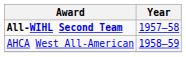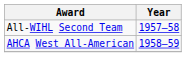 <table class="wikitable">
 <tr>
 <th>Award</th>
 <th>Year</th>
 </tr>
 <tr>
-<td><strong>All-<a href='#'>WIHL</a> <a href='#'>Second Team</a></strong></td>
+<td>All-<a href='#'>WIHL</a> <a href='#'>Second Team</a></td>
 <td><a href='#'>1957–58</a></td>
 </tr>
 <tr>
 <td><a href='#'>AHCA</a> <a href='#'>West All-American</a></td>
 <td><a href='#'>1958–59</a></td>
 </tr>
 <tr>
 </tr>
 </table>
